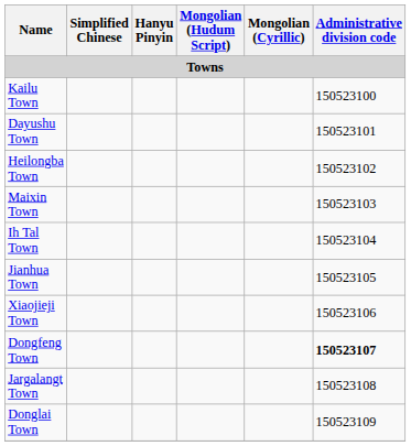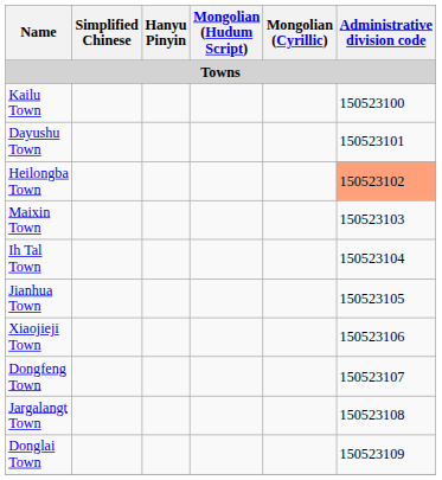 <table class="wikitable" align="center" style="width:50%; border="1">
 <tr>
 <th>Name</th>
 <th>Simplified Chinese</th>
 <th>Hanyu Pinyin</th>
 <th><a href='#'>Mongolian</a> (<a href='#'>Hudum Script</a>)</th>
 <th>Mongolian (<a href='#'>Cyrillic</a>)</th>
 <th><a href='#'>Administrative division code</a></th>
 </tr>
 <tr>
 <td colspan="6"  style="text-align:center; background:#d3d3d3;"><strong>Towns</strong></td>
 </tr>
 <tr --------->
 <td><a href='#'>Kailu Town</a></td>
 <td></td>
 <td></td>
 <td></td>
 <td></td>
 <td>150523100</td>
 </tr>
 <tr>
 <td><a href='#'>Dayushu Town</a></td>
 <td></td>
 <td></td>
 <td></td>
 <td></td>
 <td>150523101</td>
 </tr>
 <tr>
 <td><a href='#'>Heilongba Town</a></td>
 <td></td>
 <td></td>
 <td></td>
 <td></td>
-<td>150523102</td>
+<td style="background: lightsalmon;">150523102</td>
 </tr>
 <tr>
 <td><a href='#'>Maixin Town</a></td>
 <td></td>
 <td></td>
 <td></td>
 <td></td>
 <td>150523103</td>
 </tr>
 <tr>
 <td><a href='#'>Ih Tal Town</a></td>
 <td></td>
 <td></td>
 <td></td>
 <td></td>
 <td>150523104</td>
 </tr>
 <tr>
 <td><a href='#'>Jianhua Town</a></td>
 <td></td>
 <td></td>
 <td></td>
 <td></td>
 <td>150523105</td>
 </tr>
 <tr>
 <td><a href='#'>Xiaojieji Town</a></td>
 <td></td>
 <td></td>
 <td></td>
 <td></td>
 <td>150523106</td>
 </tr>
 <tr>
 <td><a href='#'>Dongfeng Town</a></td>
 <td></td>
 <td></td>
 <td></td>
 <td></td>
-<td><strong>150523107</strong></td>
+<td>150523107</td>
 </tr>
 <tr>
 <td><a href='#'>Jargalangt Town</a></td>
 <td></td>
 <td></td>
 <td></td>
 <td></td>
 <td>150523108</td>
 </tr>
 <tr>
 <td><a href='#'>Donglai Town</a></td>
 <td></td>
 <td></td>
 <td></td>
 <td></td>
 <td>150523109</td>
 </tr>
 <tr>
 </tr>
 </table>
